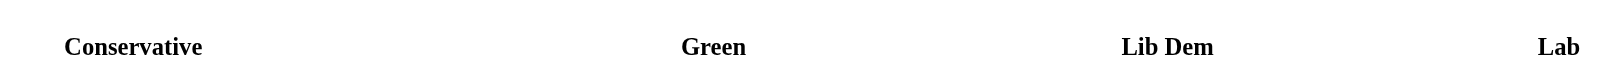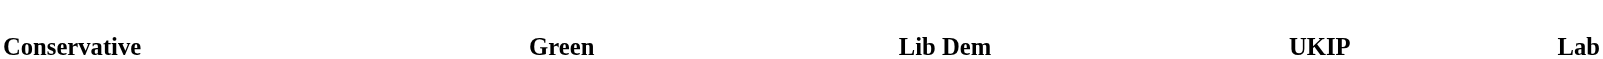 <table style="width:100%; text-align:center;">
 <tr style="color:white;">
 <td style="background:"><strong>32</strong></td>
 <td style="background:"><strong>10</strong></td>
 <td style="background:"><strong>6</strong></td>
+<td style="background:"><strong>2</strong></td>
 <td style="background:"><strong>1</strong></td>
 </tr>
 <tr>
 <td><span><strong>Conservative</strong></span></td>
 <td><span><strong>Green</strong></span></td>
 <td><span><strong>Lib Dem</strong></span></td>
+<td><span><strong>UKIP</strong></span></td>
 <td><span><strong>Lab</strong></span></td>
 </tr>
 </table>
